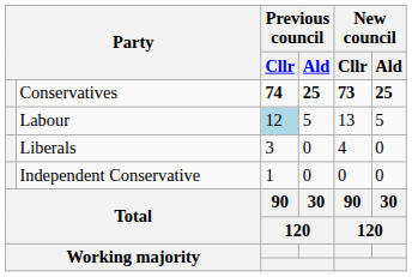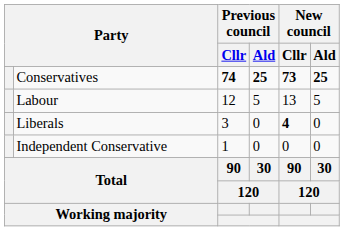 <table class="wikitable">
 <tr>
 <th colspan="2" rowspan="2" style="width: 230px">Party</th>
 <th valign=top colspan="2" style="width: 30px">Previous council</th>
 <th valign=top colspan="2" style="width: 30px">New council</th>
 </tr>
 <tr>
 <th><a href='#'>Cllr</a></th>
 <th><a href='#'>Ald</a></th>
 <th>Cllr</th>
 <th>Ald</th>
 </tr>
 <tr>
 <th style="background-color: "></th>
 <td>Conservatives</td>
 <td><strong>74</strong></td>
 <td><strong>25</strong></td>
 <td><strong>73</strong></td>
 <td><strong>25</strong></td>
 </tr>
 <tr>
 <th style="background-color: "></th>
 <td>Labour</td>
-<td style="background: lightblue;">12</td>
+<td>12</td>
 <td>5</td>
 <td>13</td>
 <td>5</td>
 </tr>
 <tr>
 <th style="background-color: "></th>
 <td>Liberals</td>
 <td>3</td>
 <td>0</td>
-<td>4</td>
+<td><strong>4</strong></td>
 <td>0</td>
 </tr>
 <tr>
 <th style="background-color: "></th>
 <td>Independent Conservative</td>
 <td>1</td>
 <td>0</td>
 <td>0</td>
 <td>0</td>
 </tr>
 <tr>
 <th colspan="2" rowspan="2">Total</th>
 <th style="text-align: center">90</th>
 <th style="text-align: center">30</th>
 <th style="text-align: center">90</th>
 <th style="text-align: center">30</th>
 </tr>
 <tr>
 <th colspan="2" style="text-align: center">120</th>
 <th colspan="2" style="text-align: center">120</th>
 </tr>
 <tr>
 <th colspan="2" rowspan="2">Working majority</th>
 <th></th>
 <th></th>
 <th></th>
 <th></th>
 </tr>
 <tr>
 <th colspan="2"></th>
 <th colspan="2"></th>
 </tr>
 </table>
